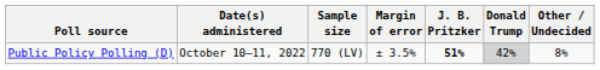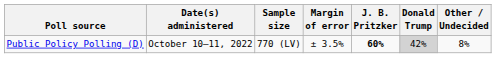 <table class="wikitable sortable mw-datatable" style="font-size:90%;text-align:center;line-height:17px">
 <tr valign=bottom>
 <th>Poll source</th>
 <th>Date(s)<br>administered</th>
 <th>Sample<br>size</th>
 <th>Margin<br>of error</th>
 <th class="unsortable">J. B.<br>Pritzker<br></th>
 <th class="unsortable">Donald<br>Trump<br></th>
 <th class="unsortable">Other /<br>Undecided</th>
 </tr>
 <tr>
 <td style="text-align:left;"><a href='#'>Public Policy Polling (D)</a></td>
 <td data-sort-value=2022-10-11>October 10–11, 2022</td>
 <td>770 (LV)</td>
 <td>± 3.5%</td>
-<td style="color:black;background-color:"><strong>51%</strong></td>
+<td style="color:black;background-color:"><strong>60%</strong></td>
 <td style="background: lightgrey;">42%</td>
 <td>8%</td>
 </tr>
 </table>
